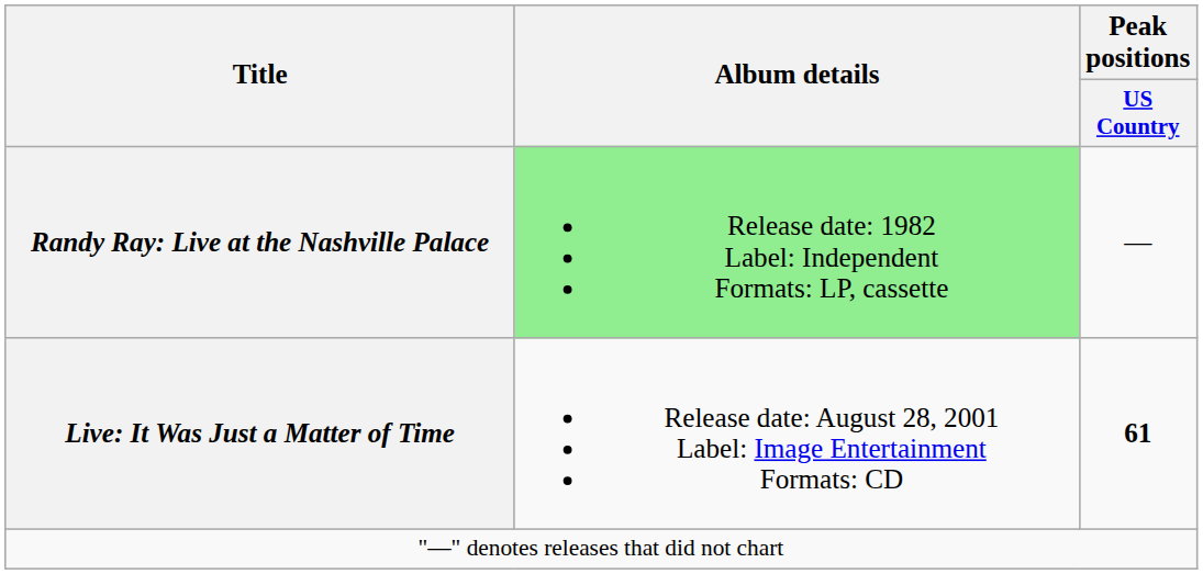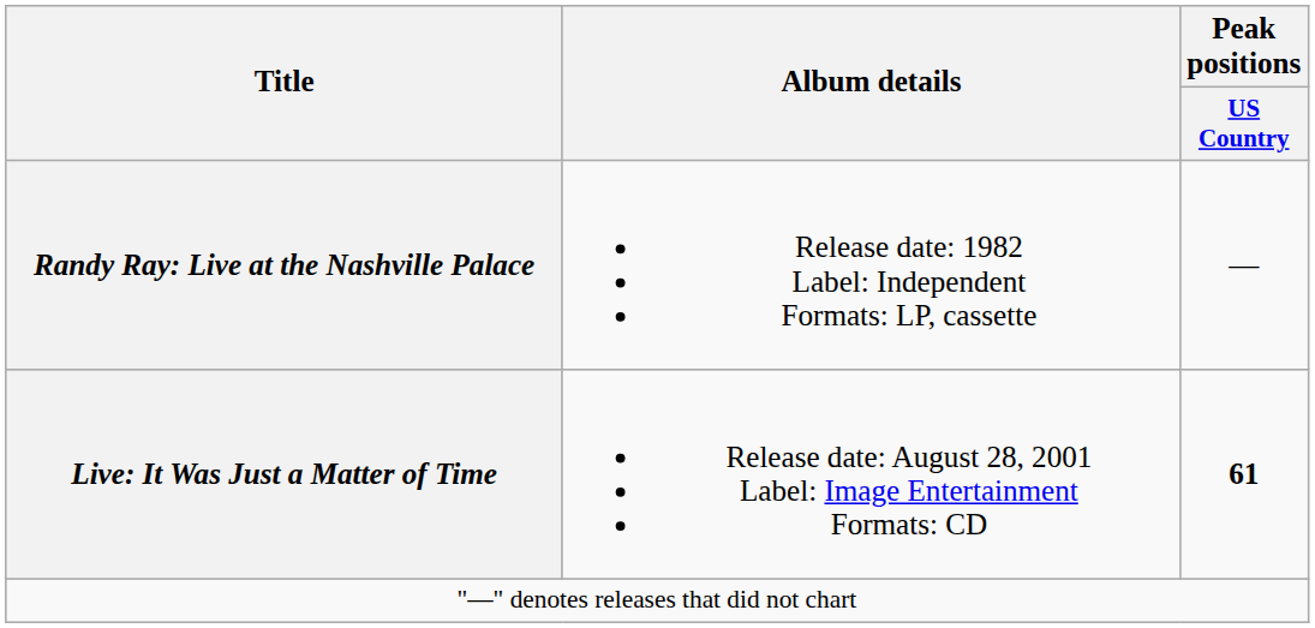 <table class="wikitable plainrowheaders" style="text-align:center;">
 <tr>
 <th rowspan="2" style="width:18em;">Title</th>
 <th rowspan="2" style="width:20em;">Album details</th>
 <th colspan="1">Peak positions</th>
 </tr>
 <tr style="font-size:smaller;">
 <th width="40"><a href='#'>US Country</a><br></th>
 </tr>
 <tr>
 <th scope="row"><em>Randy Ray: Live at the Nashville Palace</em></th>
-<td style="background: lightgreen;"><br><ul><li>Release date: 1982</li><li>Label: Independent</li><li>Formats: LP, cassette</li></ul></td>
+<td><br><ul><li>Release date: 1982</li><li>Label: Independent</li><li>Formats: LP, cassette</li></ul></td>
 <td>—</td>
 </tr>
 <tr>
 <th scope="row"><em>Live: It Was Just a Matter of Time</em></th>
 <td><br><ul><li>Release date: August 28, 2001</li><li>Label: <a href='#'>Image Entertainment</a></li><li>Formats: CD</li></ul></td>
 <td><strong>61</strong></td>
 </tr>
 <tr>
 <td colspan="10" style="font-size:85%">"—" denotes releases that did not chart</td>
 </tr>
 </table>
